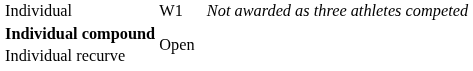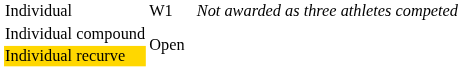 <table>
 <tr>
 <td>Individual<br></td>
 <td>W1</td>
 <td></td>
 <td></td>
 <td><em>Not awarded as three athletes competed</em></td>
 </tr>
 <tr>
-<td><strong>Individual compound<br></strong></td>
+<td>Individual compound<br></td>
 <td rowspan=2>Open</td>
 <td></td>
 <td></td>
 <td></td>
 </tr>
 <tr>
-<td>Individual recurve<br></td>
+<td style="background: gold;">Individual recurve<br></td>
 <td></td>
 <td></td>
 <td></td>
 </tr>
 </table>
